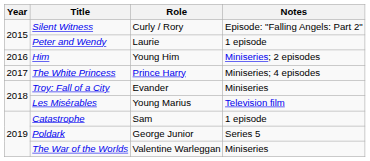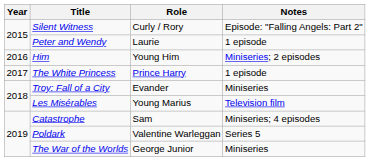 <table class="wikitable sortable">
 <tr>
 <th>Year</th>
 <th>Title</th>
 <th>Role</th>
 <th>Notes</th>
 </tr>
 <tr>
 <td rowspan="2">2015</td>
 <td><em><a href='#'>Silent Witness</a></em></td>
 <td>Curly / Rory</td>
 <td>Episode: "Falling Angels: Part 2"</td>
 </tr>
 <tr>
 <td><em><a href='#'>Peter and Wendy</a></em></td>
 <td>Laurie</td>
 <td>1 episode</td>
 </tr>
 <tr>
 <td>2016</td>
 <td><em><a href='#'>Him</a></em></td>
 <td>Young Him</td>
 <td><a href='#'>Miniseries</a>; 2 episodes</td>
 </tr>
 <tr>
 <td>2017</td>
 <td><em><a href='#'>The White Princess</a></em></td>
 <td><a href='#'>Prince Harry</a></td>
-<td>Miniseries; 4 episodes</td>
+<td>1 episode</td>
 </tr>
 <tr>
 <td rowspan="2">2018</td>
 <td><em><a href='#'>Troy: Fall of a City</a></em></td>
 <td>Evander</td>
 <td>Miniseries</td>
 </tr>
 <tr>
 <td><em><a href='#'>Les Misérables</a></em></td>
 <td>Young Marius</td>
 <td><a href='#'>Television film</a></td>
 </tr>
 <tr>
 <td rowspan="3">2019</td>
 <td><em><a href='#'>Catastrophe</a></em></td>
 <td>Sam</td>
-<td>1 episode</td>
+<td>Miniseries; 4 episodes</td>
 </tr>
 <tr>
 <td><em><a href='#'>Poldark</a></em></td>
-<td>George Junior</td>
+<td>Valentine Warleggan</td>
 <td>Series 5</td>
 </tr>
 <tr>
 <td><em><a href='#'>The War of the Worlds</a></em></td>
-<td>Valentine Warleggan</td>
+<td>George Junior</td>
 <td>Miniseries</td>
 </tr>
 </table>
